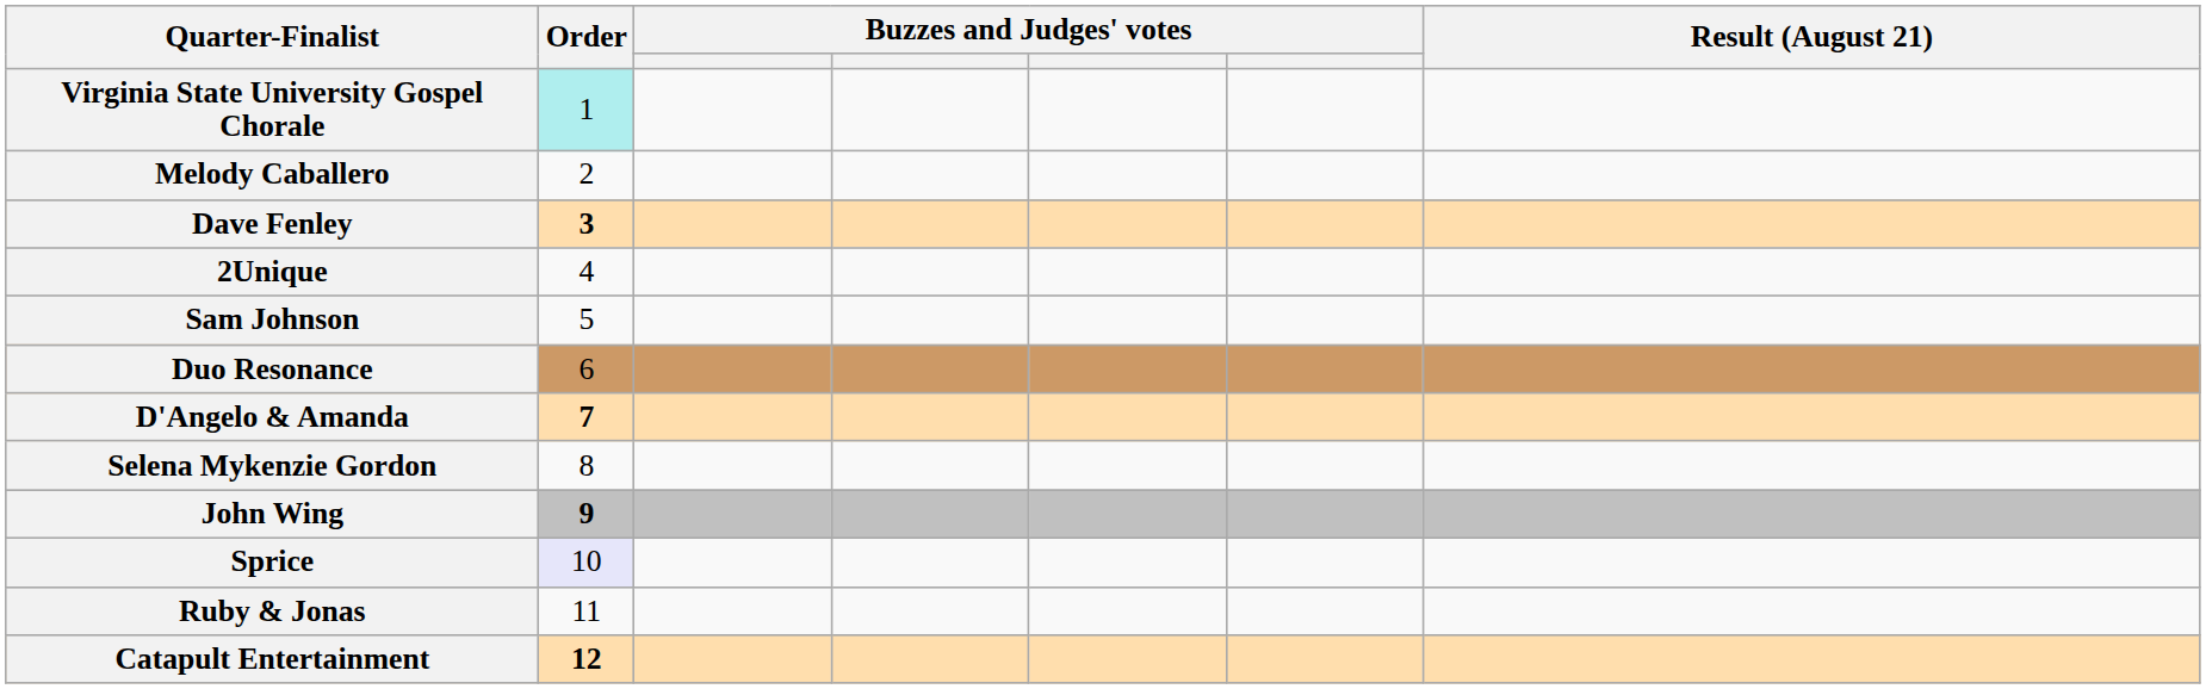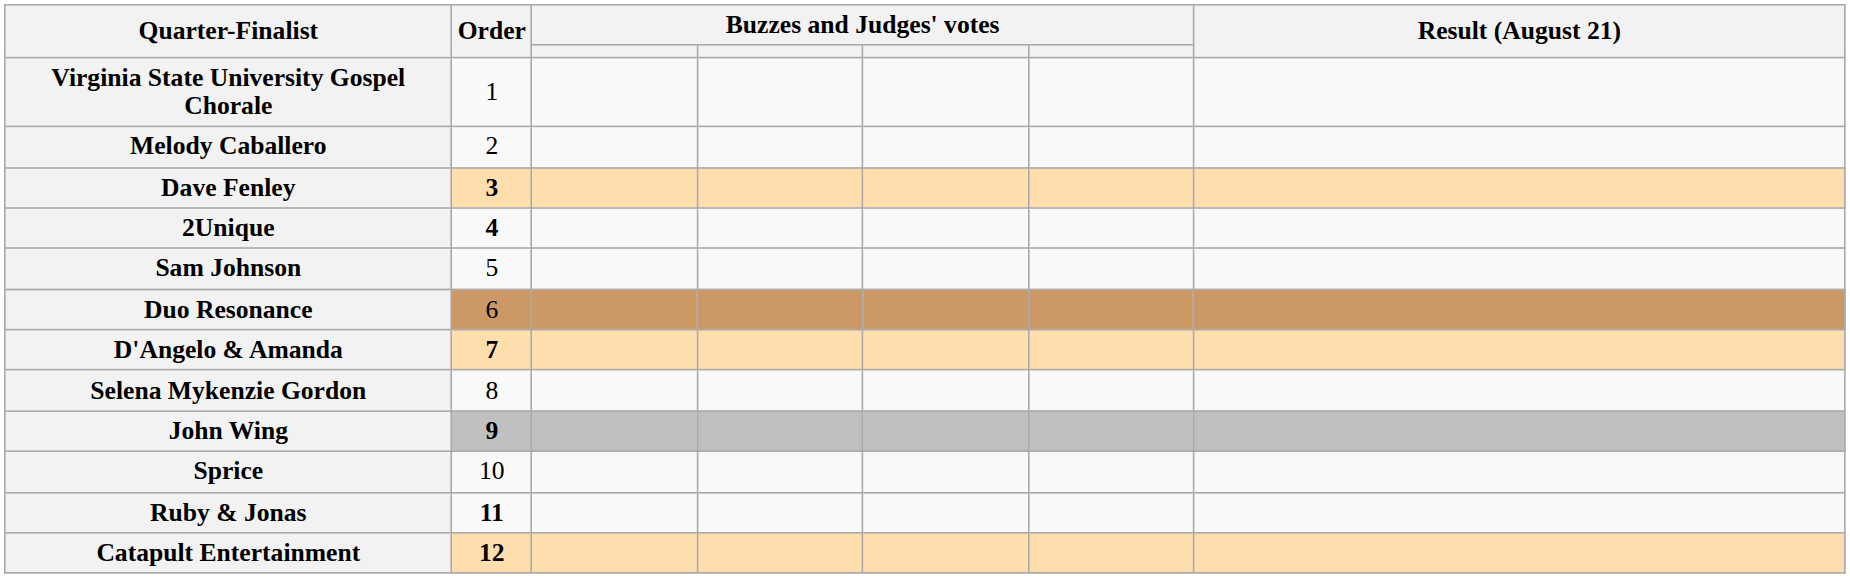 <table class="wikitable plainrowheaders sortable" style="text-align:center;">
 <tr>
 <th scope="col" rowspan="2" class="unsortable" style="width:17em;">Quarter-Finalist</th>
 <th scope="col" rowspan="2" style="width:1em;">Order</th>
 <th scope="col" colspan="4" class="unsortable" style="width:24em;">Buzzes and Judges' votes</th>
 <th scope="col" rowspan="2" style="width:25em;">Result (August 21)</th>
 </tr>
 <tr>
 <th scope="col" class="unsortable" style="width:6em;"></th>
 <th scope="col" class="unsortable" style="width:6em;"></th>
 <th scope="col" class="unsortable" style="width:6em;"></th>
 <th scope="col" class="unsortable" style="width:6em;"></th>
 </tr>
 <tr>
 <th scope="row">Virginia State University Gospel Chorale</th>
-<td style="background: paleturquoise;">1</td>
+<td>1</td>
 <td style="text-align:center;"></td>
 <td style="text-align:center;"></td>
 <td style="text-align:center;"></td>
 <td style="text-align:center;"></td>
 <td></td>
 </tr>
 <tr>
 <th scope="row">Melody Caballero</th>
 <td>2</td>
 <td style="text-align:center;"></td>
 <td style="text-align:center;"></td>
 <td style="text-align:center;"></td>
 <td style="text-align:center;"></td>
 <td></td>
 </tr>
 <tr style="background:NavajoWhite">
 <th scope="row"><strong>Dave Fenley</strong></th>
 <td><strong>3</strong></td>
 <td style="text-align:center;"></td>
 <td style="text-align:center;"></td>
 <td style="text-align:center;"></td>
 <td style="text-align:center;"></td>
 <td><strong></strong></td>
 </tr>
 <tr>
 <th scope="row">2Unique</th>
-<td>4</td>
+<td><strong>4</strong></td>
 <td style="text-align:center;"></td>
 <td style="text-align:center;"></td>
 <td style="text-align:center;"></td>
 <td style="text-align:center;"></td>
 <td></td>
 </tr>
 <tr>
 <th scope="row">Sam Johnson </th>
 <td>5</td>
 <td style="text-align:center;"></td>
 <td style="text-align:center;"></td>
 <td style="text-align:center;"></td>
 <td style="text-align:center;"></td>
 <td></td>
 </tr>
 <tr style="background:#c96">
 <th scope="row" style=>Duo Resonance </th>
 <td>6</td>
 <td style="text-align:center;"></td>
 <td style="text-align:center;"></td>
 <td style="text-align:center;"></td>
 <td style="text-align:center;"></td>
 <td></td>
 </tr>
 <tr style="background:NavajoWhite">
 <th scope="row"><strong>D'Angelo & Amanda</strong></th>
 <td><strong>7</strong></td>
 <td style="text-align:center;"></td>
 <td style="text-align:center;"></td>
 <td style="text-align:center;"></td>
 <td style="text-align:center;"></td>
 <td><strong></strong></td>
 </tr>
 <tr>
 <th scope="row">Selena Mykenzie Gordon</th>
 <td>8</td>
 <td style="text-align:center;"></td>
 <td style="text-align:center;"></td>
 <td style="text-align:center;"></td>
 <td style="text-align:center;"></td>
 <td></td>
 </tr>
 <tr style="background:silver">
 <th scope="row"><strong>John Wing</strong></th>
 <td><strong>9</strong></td>
 <td style="text-align:center;"></td>
 <td style="text-align:center;"></td>
 <td style="text-align:center;"></td>
 <td style="text-align:center;"></td>
 <td><strong></strong></td>
 </tr>
 <tr>
 <th scope="row">Sprice</th>
-<td style="background: lavender;">10</td>
+<td>10</td>
 <td style="text-align:center;"></td>
 <td style="text-align:center;"></td>
 <td style="text-align:center;"></td>
 <td style="text-align:center;"></td>
 <td></td>
 </tr>
 <tr>
 <th scope="row">Ruby & Jonas</th>
-<td>11</td>
+<td><strong>11</strong></td>
 <td style="text-align:center;"></td>
 <td style="text-align:center;"></td>
 <td style="text-align:center;"></td>
 <td style="text-align:center;"></td>
 <td></td>
 </tr>
 <tr style="background:NavajoWhite">
 <th scope="row"><strong>Catapult Entertainment</strong></th>
 <td><strong>12</strong></td>
 <td style="text-align:center;"></td>
 <td style="text-align:center;"></td>
 <td style="text-align:center;"></td>
 <td style="text-align:center;"></td>
 <td><strong></strong></td>
 </tr>
 </table>
